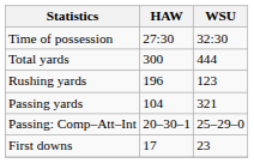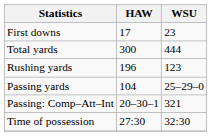 <table class="wikitable" style="float: left;">
 <tr>
 <th>Statistics</th>
 <th>HAW</th>
 <th>WSU</th>
 </tr>
 <tr>
-<td>Time of possession</td>
-<td>27:30</td>
-<td>32:30</td>
+<td>First downs</td>
+<td>17</td>
+<td>23</td>
 </tr>
 <tr>
 <td>Total yards</td>
 <td>300</td>
 <td>444</td>
 </tr>
 <tr>
 <td>Rushing yards</td>
 <td>196</td>
 <td>123</td>
 </tr>
 <tr>
 <td>Passing yards</td>
 <td>104</td>
-<td>321</td>
+<td>25–29–0</td>
 </tr>
 <tr>
 <td>Passing: Comp–Att–Int</td>
 <td>20–30–1</td>
-<td>25–29–0</td>
+<td>321</td>
 </tr>
 <tr>
-<td>First downs</td>
-<td>17</td>
-<td>23</td>
+<td>Time of possession</td>
+<td>27:30</td>
+<td>32:30</td>
 </tr>
 <tr>
 </tr>
 </table>
